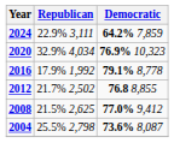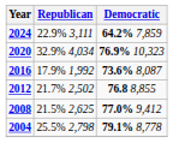 <table class="wikitable" style="float:right; margin: 1em 1em 1em 0; font-size: 95%;">
 <tr>
 <th>Year</th>
 <th><a href='#'>Republican</a></th>
 <th><a href='#'>Democratic</a></th>
 </tr>
 <tr>
 <td style="text-align:center; "><strong><a href='#'>2024</a></strong></td>
 <td style="text-align:center; ">22.9% <em>3,111</em></td>
 <td style="text-align:center; "><strong>64.2%</strong> <em>7,859</em></td>
 </tr>
 <tr>
 <td style="text-align:center; "><strong><a href='#'>2020</a></strong></td>
 <td style="text-align:center; ">32.9% <em>4,034</em></td>
 <td style="text-align:center; "><strong>76.9%</strong>  <em>10,323</em></td>
 </tr>
 <tr>
 <td style="text-align:center; "><strong><a href='#'>2016</a></strong></td>
 <td style="text-align:center; ">17.9% <em>1,992</em></td>
-<td style="text-align:center; "><strong>79.1%</strong>  <em>8,778</em></td>
+<td style="text-align:center; "><strong>73.6%</strong> <em>8,087</em></td>
 </tr>
 <tr>
 <td style="text-align:center; "><strong><a href='#'>2012</a></strong></td>
 <td style="text-align:center; ">21.7% <em>2,502</em></td>
 <td style="text-align:center; "><strong>76.8</strong>  <em>8,855</em></td>
 </tr>
 <tr>
 <td style="text-align:center; "><strong><a href='#'>2008</a></strong></td>
 <td style="text-align:center; ">21.5% <em>2,625</em></td>
 <td style="text-align:center; "><strong>77.0%</strong>  <em>9,412</em></td>
 </tr>
 <tr>
 <td style="text-align:center; "><strong><a href='#'>2004</a></strong></td>
 <td style="text-align:center; ">25.5% <em>2,798</em></td>
-<td style="text-align:center; "><strong>73.6%</strong> <em>8,087</em></td>
+<td style="text-align:center; "><strong>79.1%</strong>  <em>8,778</em></td>
 </tr>
 <tr>
 </tr>
 </table>
